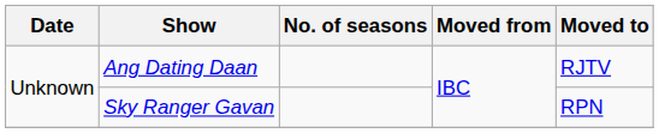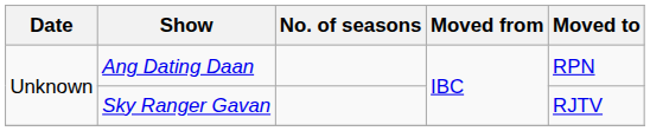 <table class="wikitable" style="text-align:left;line-height:25px; width:auto;">
 <tr>
 <th>Date</th>
 <th>Show</th>
 <th>No. of seasons</th>
 <th>Moved from</th>
 <th>Moved to</th>
 </tr>
 <tr>
 <td rowspan="2">Unknown</td>
 <td><em><a href='#'>Ang Dating Daan</a></em></td>
 <td></td>
 <td rowspan="2"><a href='#'>IBC</a></td>
-<td><a href='#'>RJTV</a></td>
+<td><a href='#'>RPN</a></td>
 </tr>
 <tr>
 <td><em><a href='#'>Sky Ranger Gavan</a></em></td>
 <td></td>
-<td><a href='#'>RPN</a></td>
+<td><a href='#'>RJTV</a></td>
 </tr>
 <tr>
 </tr>
 </table>
